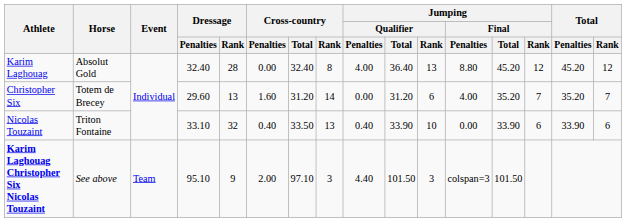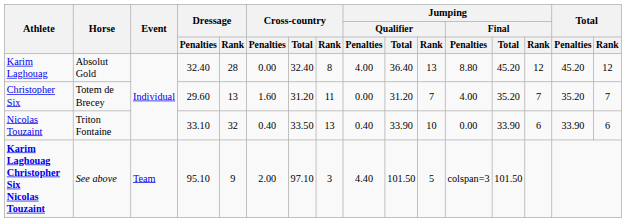 <table class=wikitable style="font-size:90%">
 <tr>
 <th rowspan="3">Athlete</th>
 <th rowspan="3">Horse</th>
 <th rowspan="3">Event</th>
 <th colspan="2" rowspan="2">Dressage</th>
 <th colspan="3" rowspan="2">Cross-country</th>
 <th colspan="6">Jumping</th>
 <th colspan="2" rowspan="2">Total</th>
 </tr>
 <tr style="font-size:95%">
 <th colspan="3">Qualifier</th>
 <th colspan="3">Final</th>
 </tr>
 <tr style="font-size:95%">
 <th>Penalties</th>
 <th>Rank</th>
 <th>Penalties</th>
 <th>Total</th>
 <th>Rank</th>
 <th>Penalties</th>
 <th>Total</th>
 <th>Rank</th>
 <th>Penalties</th>
 <th>Total</th>
 <th>Rank</th>
 <th>Penalties</th>
 <th>Rank</th>
 </tr>
 <tr align=center>
 <td align=left><a href='#'>Karim Laghouag</a></td>
 <td align=left>Absolut Gold</td>
 <td rowspan=3 align=left><a href='#'>Individual</a></td>
 <td>32.40</td>
 <td>28</td>
 <td>0.00</td>
 <td>32.40</td>
 <td>8</td>
 <td>4.00</td>
 <td>36.40</td>
 <td>13</td>
 <td>8.80</td>
 <td>45.20</td>
 <td>12</td>
 <td>45.20</td>
 <td>12</td>
 </tr>
 <tr align=center>
 <td align=left><a href='#'>Christopher Six</a></td>
 <td align=left>Totem de Brecey</td>
 <td>29.60</td>
 <td>13</td>
 <td>1.60</td>
 <td>31.20</td>
-<td>14</td>
+<td>11</td>
 <td>0.00</td>
 <td>31.20</td>
-<td>6</td>
+<td>7</td>
 <td>4.00</td>
 <td>35.20</td>
 <td>7</td>
 <td>35.20</td>
 <td>7</td>
 </tr>
 <tr align=center>
 <td align=left><a href='#'>Nicolas Touzaint</a></td>
 <td align=left>Triton Fontaine</td>
 <td>33.10</td>
 <td>32</td>
 <td>0.40</td>
 <td>33.50</td>
 <td>13</td>
 <td>0.40</td>
 <td>33.90</td>
 <td>10</td>
 <td>0.00</td>
 <td>33.90</td>
 <td>6</td>
 <td>33.90</td>
 <td>6</td>
 </tr>
 <tr align=center>
 <td align=left><strong><a href='#'>Karim Laghouag</a><br><a href='#'>Christopher Six</a><br><a href='#'>Nicolas Touzaint</a></strong></td>
 <td align=left><em>See above</em></td>
 <td align=left><a href='#'>Team</a></td>
 <td>95.10</td>
 <td>9</td>
 <td>2.00</td>
 <td>97.10</td>
 <td>3</td>
 <td>4.40</td>
 <td>101.50</td>
-<td>3</td>
+<td>5</td>
 <td>colspan=3 </td>
 <td>101.50</td>
 <td></td>
 </tr>
 </table>
